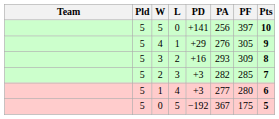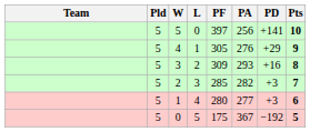 <table class="wikitable" style="text-align:center;" style="font-size:90%;">
 <tr>
 <th width=200>Team</th>
 <th width=20>Pld</th>
 <th width=20>W</th>
 <th width=20>L</th>
+<th width=30>PF</th>
+<th width=30>PA</th>
 <th width=30>PD</th>
-<th width=30>PA</th>
-<th width=30>PF</th>
 <th width=20>Pts</th>
 </tr>
 <tr style="background:#cfc;">
 <td align=left></td>
 <td>5</td>
 <td>5</td>
 <td>0</td>
+<td>397</td>
+<td>256</td>
 <td>+141</td>
-<td>256</td>
-<td>397</td>
 <td><strong>10</strong></td>
 </tr>
 <tr style="background:#cfc;">
 <td align=left></td>
 <td>5</td>
 <td>4</td>
 <td>1</td>
+<td>305</td>
+<td>276</td>
 <td>+29</td>
-<td>276</td>
-<td>305</td>
 <td><strong>9</strong></td>
 </tr>
 <tr style="background:#cfc;">
 <td align=left></td>
 <td>5</td>
 <td>3</td>
 <td>2</td>
+<td>309</td>
+<td>293</td>
 <td>+16</td>
-<td>293</td>
-<td>309</td>
 <td><strong>8</strong></td>
 </tr>
 <tr style="background:#cfc;">
 <td align=left></td>
 <td>5</td>
 <td>2</td>
 <td>3</td>
+<td>285</td>
+<td>282</td>
 <td>+3</td>
-<td>282</td>
-<td>285</td>
 <td><strong>7</strong></td>
 </tr>
 <tr style="background:#fcc;">
 <td align=left></td>
 <td>5</td>
 <td>1</td>
 <td>4</td>
+<td>280</td>
+<td>277</td>
 <td>+3</td>
-<td>277</td>
-<td>280</td>
 <td><strong>6</strong></td>
 </tr>
 <tr style="background:#fcc;">
 <td align=left></td>
 <td>5</td>
 <td>0</td>
 <td>5</td>
+<td>175</td>
+<td>367</td>
 <td>−192</td>
-<td>367</td>
-<td>175</td>
 <td><strong>5</strong></td>
 </tr>
 </table>
